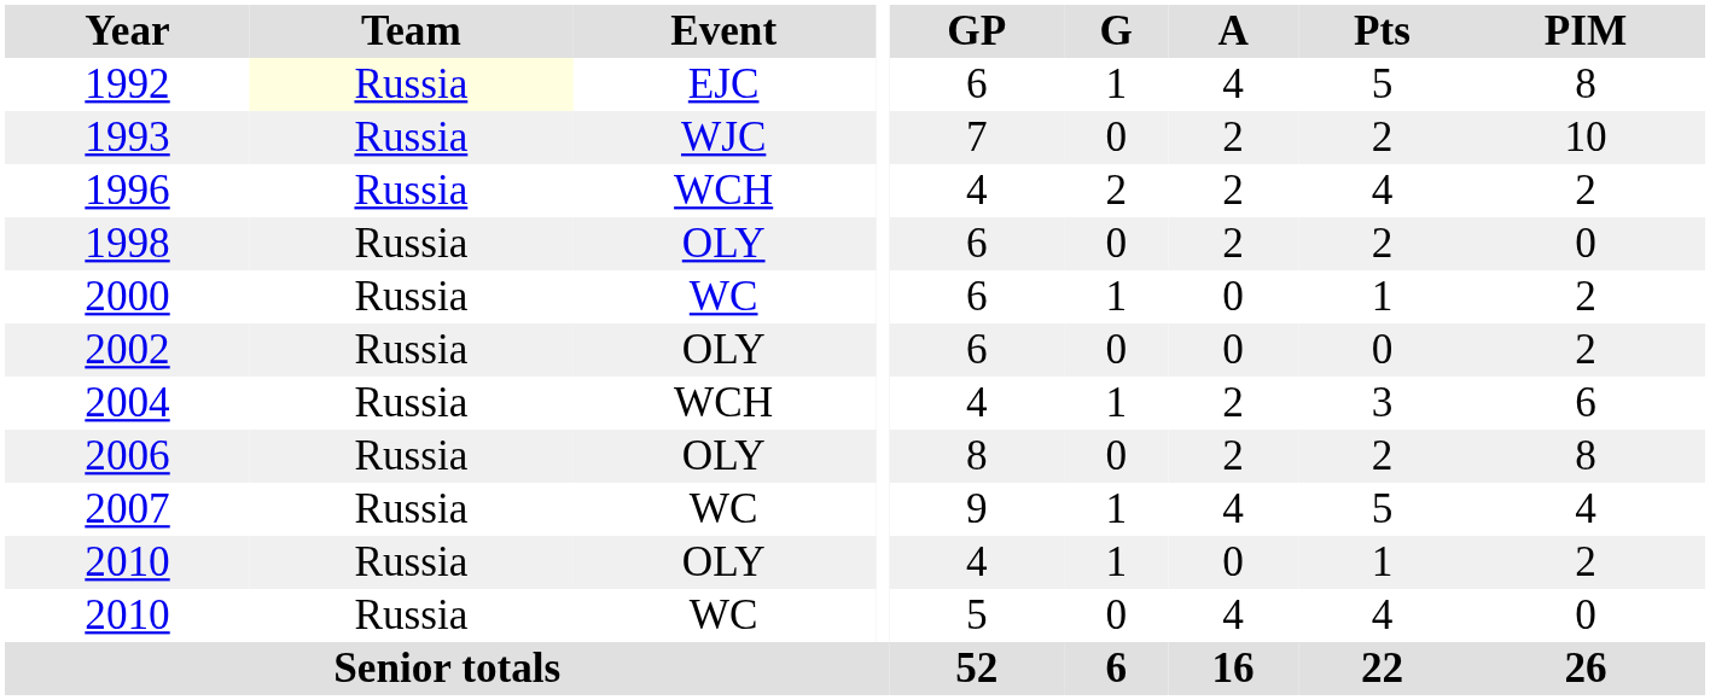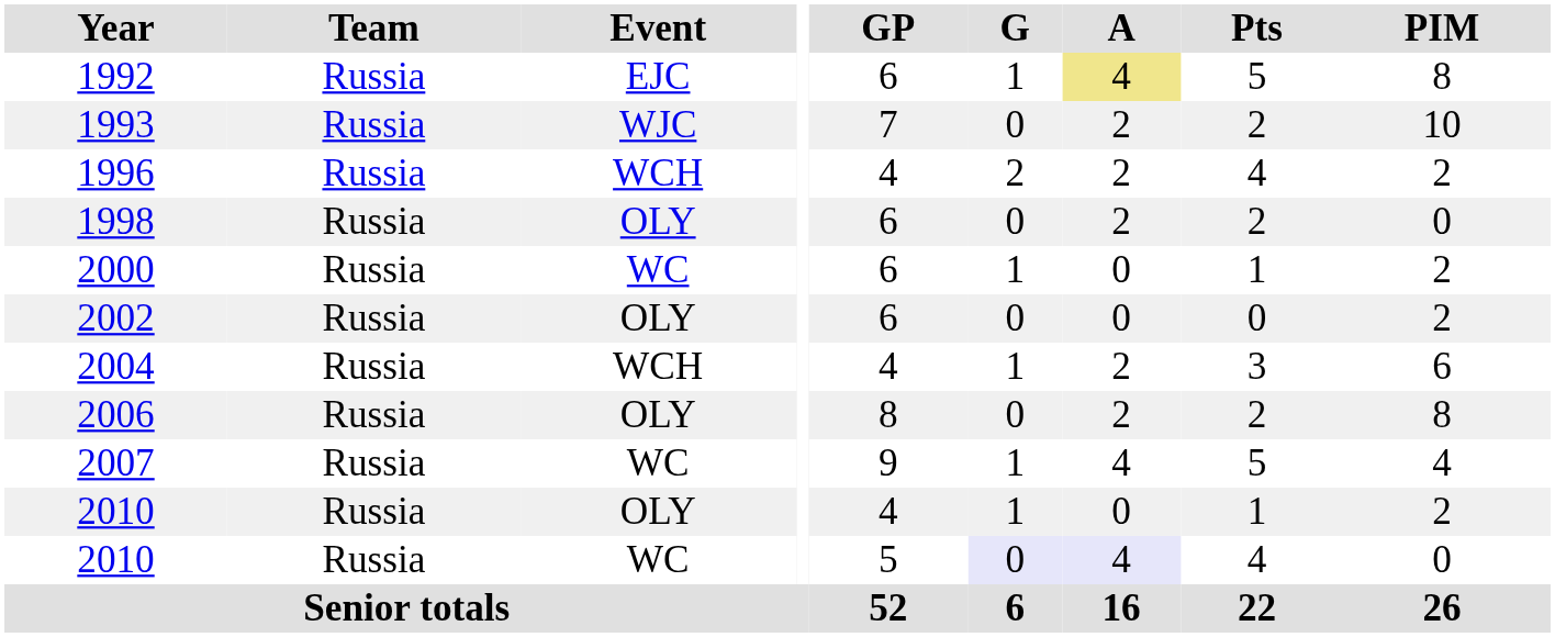 <table border="0" cellpadding="1" cellspacing="0" ID="Table3" style="text-align:center; width:40em">
 <tr bgcolor="#e0e0e0">
 <th>Year</th>
 <th>Team</th>
 <th>Event</th>
 <th rowspan="102" bgcolor="#ffffff"></th>
 <th>GP</th>
 <th>G</th>
 <th>A</th>
 <th>Pts</th>
 <th>PIM</th>
 </tr>
 <tr>
 <td><a href='#'>1992</a></td>
-<td style="background: lightyellow;"><a href='#'>Russia</a></td>
+<td><a href='#'>Russia</a></td>
 <td><a href='#'>EJC</a></td>
 <td>6</td>
 <td>1</td>
-<td>4</td>
+<td style="background: khaki;">4</td>
 <td>5</td>
 <td>8</td>
 </tr>
 <tr bgcolor="#f0f0f0">
 <td><a href='#'>1993</a></td>
 <td><a href='#'>Russia</a></td>
 <td><a href='#'>WJC</a></td>
 <td>7</td>
 <td>0</td>
 <td>2</td>
 <td>2</td>
 <td>10</td>
 </tr>
 <tr>
 <td><a href='#'>1996</a></td>
 <td><a href='#'>Russia</a></td>
 <td><a href='#'>WCH</a></td>
 <td>4</td>
 <td>2</td>
 <td>2</td>
 <td>4</td>
 <td>2</td>
 </tr>
 <tr bgcolor="#f0f0f0">
 <td><a href='#'>1998</a></td>
 <td>Russia</td>
 <td><a href='#'>OLY</a></td>
 <td>6</td>
 <td>0</td>
 <td>2</td>
 <td>2</td>
 <td>0</td>
 </tr>
 <tr>
 <td><a href='#'>2000</a></td>
 <td>Russia</td>
 <td><a href='#'>WC</a></td>
 <td>6</td>
 <td>1</td>
 <td>0</td>
 <td>1</td>
 <td>2</td>
 </tr>
 <tr bgcolor="#f0f0f0">
 <td><a href='#'>2002</a></td>
 <td>Russia</td>
 <td>OLY</td>
 <td>6</td>
 <td>0</td>
 <td>0</td>
 <td>0</td>
 <td>2</td>
 </tr>
 <tr>
 <td><a href='#'>2004</a></td>
 <td>Russia</td>
 <td>WCH</td>
 <td>4</td>
 <td>1</td>
 <td>2</td>
 <td>3</td>
 <td>6</td>
 </tr>
 <tr bgcolor="#f0f0f0">
 <td><a href='#'>2006</a></td>
 <td>Russia</td>
 <td>OLY</td>
 <td>8</td>
 <td>0</td>
 <td>2</td>
 <td>2</td>
 <td>8</td>
 </tr>
 <tr>
 <td><a href='#'>2007</a></td>
 <td>Russia</td>
 <td>WC</td>
 <td>9</td>
 <td>1</td>
 <td>4</td>
 <td>5</td>
 <td>4</td>
 </tr>
 <tr bgcolor="#f0f0f0">
 <td><a href='#'>2010</a></td>
 <td>Russia</td>
 <td>OLY</td>
 <td>4</td>
 <td>1</td>
 <td>0</td>
 <td>1</td>
 <td>2</td>
 </tr>
 <tr>
 <td><a href='#'>2010</a></td>
 <td>Russia</td>
 <td>WC</td>
 <td>5</td>
-<td>0</td>
-<td>4</td>
+<td style="background: lavender;">0</td>
+<td style="background: lavender;">4</td>
 <td>4</td>
 <td>0</td>
 </tr>
 <tr bgcolor="#e0e0e0">
 <th colspan=4>Senior totals</th>
 <th>52</th>
 <th>6</th>
 <th>16</th>
 <th>22</th>
 <th>26</th>
 </tr>
 </table>
